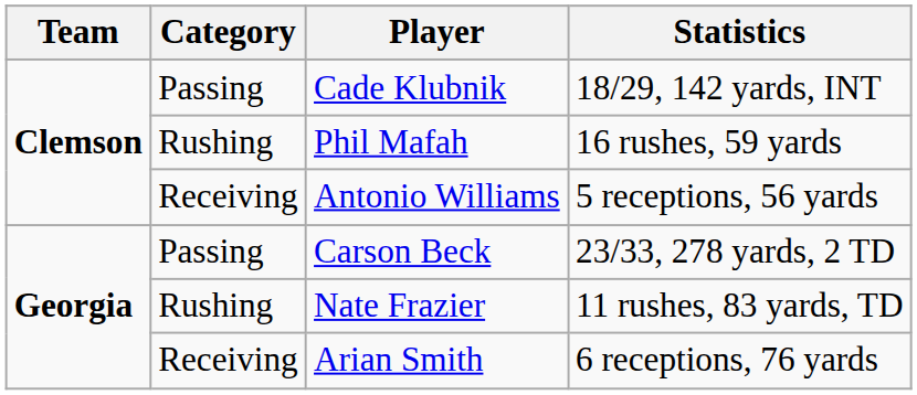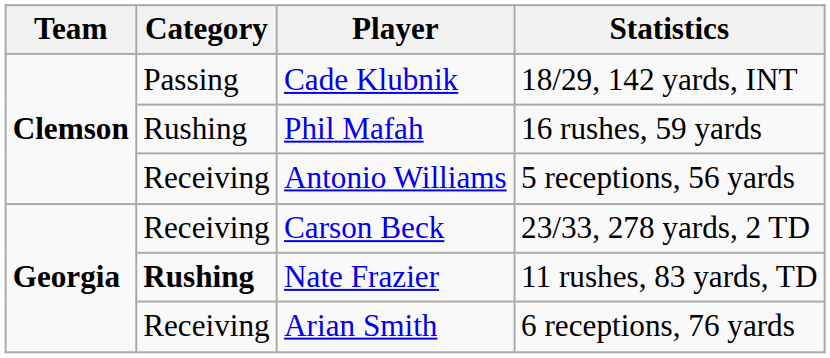 <table class="wikitable" style="float: right;">
 <tr>
 <th>Team</th>
 <th>Category</th>
 <th>Player</th>
 <th>Statistics</th>
 </tr>
 <tr>
 <td rowspan=3><strong>Clemson</strong></td>
 <td>Passing</td>
 <td><a href='#'>Cade Klubnik</a></td>
 <td>18/29, 142 yards, INT</td>
 </tr>
 <tr>
 <td>Rushing</td>
 <td><a href='#'>Phil Mafah</a></td>
 <td>16 rushes, 59 yards</td>
 </tr>
 <tr>
 <td>Receiving</td>
 <td><a href='#'>Antonio Williams</a></td>
 <td>5 receptions, 56 yards</td>
 </tr>
 <tr>
 <td rowspan=3><strong>Georgia</strong></td>
-<td>Passing</td>
+<td>Receiving</td>
 <td><a href='#'>Carson Beck</a></td>
 <td>23/33, 278 yards, 2 TD</td>
 </tr>
 <tr>
-<td>Rushing</td>
+<td><strong>Rushing</strong></td>
 <td><a href='#'>Nate Frazier</a></td>
 <td>11 rushes, 83 yards, TD</td>
 </tr>
 <tr>
 <td>Receiving</td>
 <td><a href='#'>Arian Smith</a></td>
 <td>6 receptions, 76 yards</td>
 </tr>
 </table>
